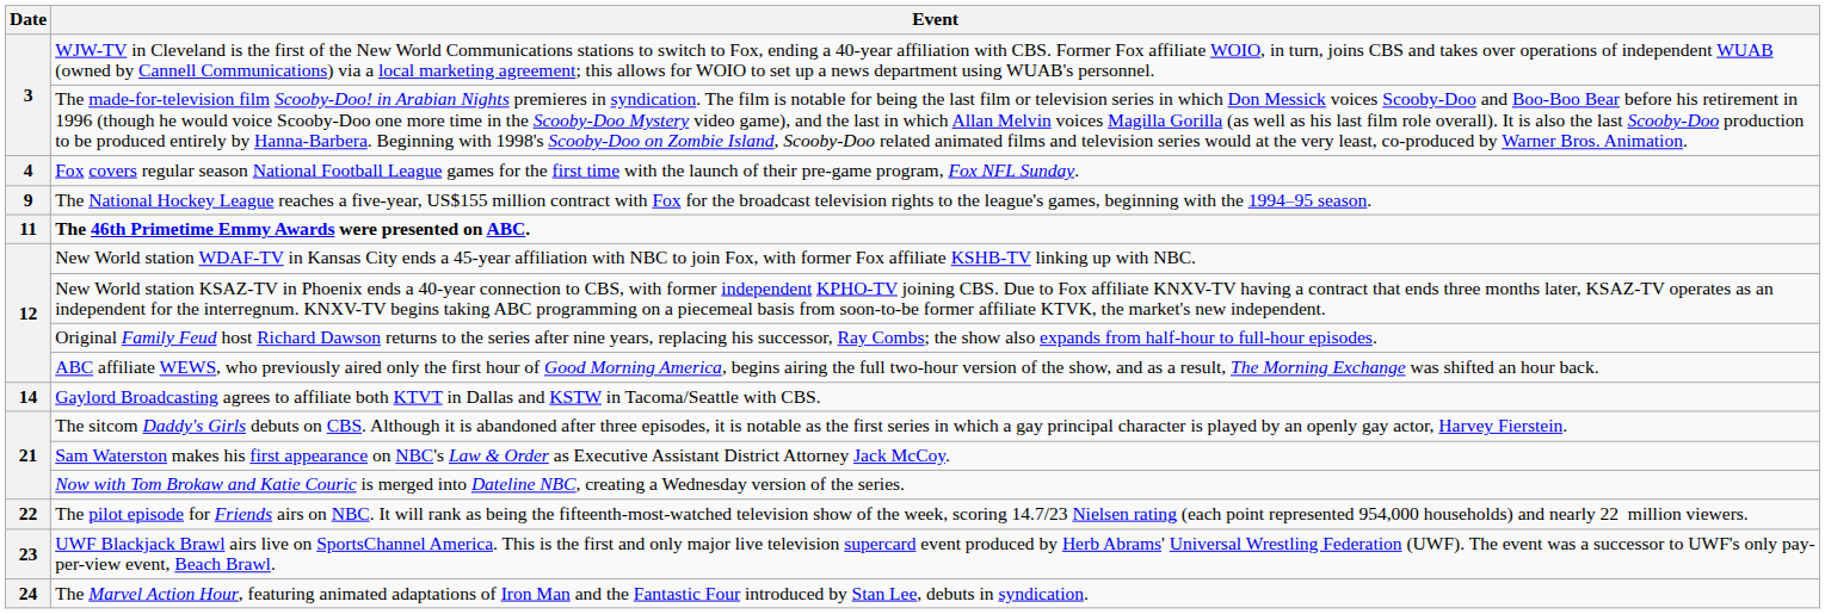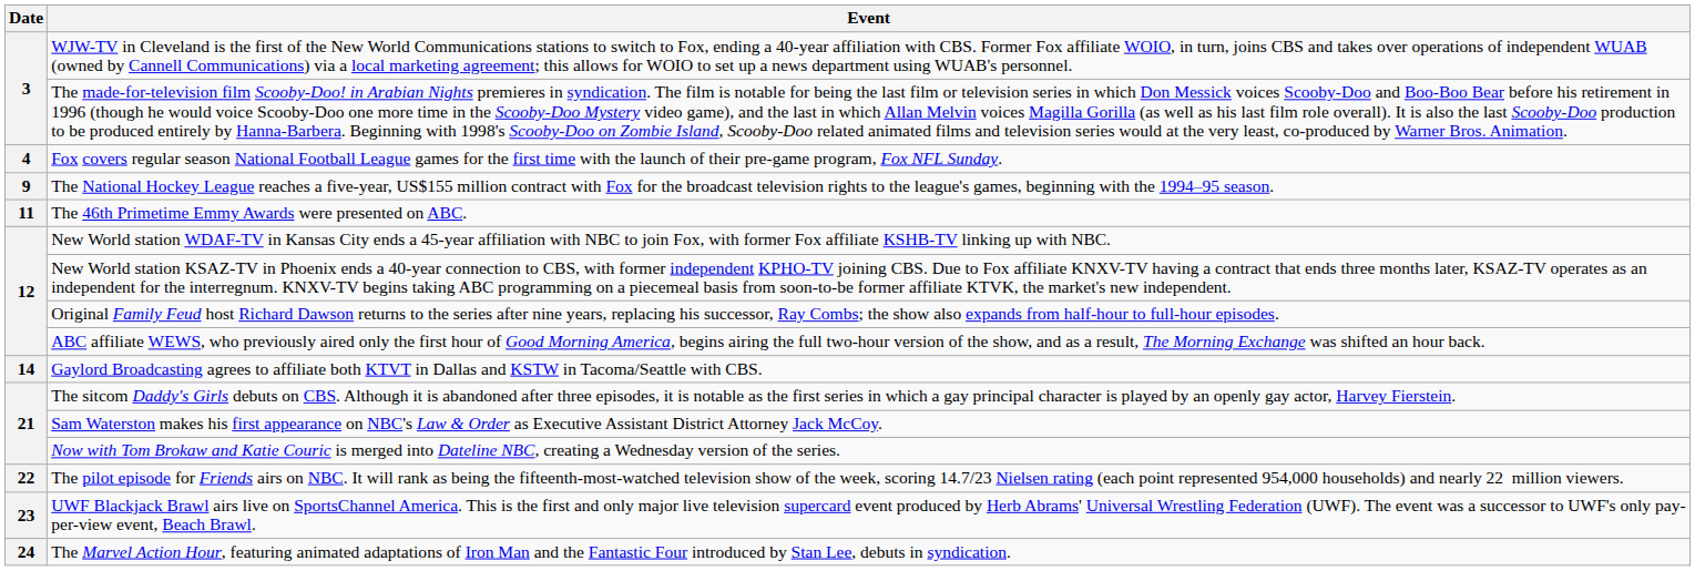 <table class="wikitable">
 <tr>
 <th>Date</th>
 <th>Event</th>
 </tr>
 <tr>
 <th rowspan="2">3</th>
 <td><a href='#'>WJW-TV</a> in Cleveland is the first of the New World Communications stations to switch to Fox, ending a 40-year affiliation with CBS. Former Fox affiliate <a href='#'>WOIO</a>, in turn, joins CBS and takes over operations of independent <a href='#'>WUAB</a> (owned by <a href='#'>Cannell Communications</a>) via a <a href='#'>local marketing agreement</a>; this allows for WOIO to set up a news department using WUAB's personnel.</td>
 </tr>
 <tr>
 <td>The <a href='#'>made-for-television film</a> <em><a href='#'>Scooby-Doo! in Arabian Nights</a></em> premieres in <a href='#'>syndication</a>. The film is notable for being the last film or television series in which <a href='#'>Don Messick</a> voices <a href='#'>Scooby-Doo</a> and <a href='#'>Boo-Boo Bear</a> before his retirement in 1996 (though he would voice Scooby-Doo one more time in the <em><a href='#'>Scooby-Doo Mystery</a></em> video game), and the last in which <a href='#'>Allan Melvin</a> voices <a href='#'>Magilla Gorilla</a> (as well as his last film role overall). It is also the last <em><a href='#'>Scooby-Doo</a></em> production to be produced entirely by <a href='#'>Hanna-Barbera</a>. Beginning with 1998's <em><a href='#'>Scooby-Doo on Zombie Island</a></em>, <em>Scooby-Doo</em> related animated films and television series would at the very least, co-produced by <a href='#'>Warner Bros. Animation</a>.</td>
 </tr>
 <tr>
 <th>4</th>
 <td><a href='#'>Fox</a> <a href='#'>covers</a> regular season <a href='#'>National Football League</a> games for the <a href='#'>first time</a> with the launch of their pre-game program, <em><a href='#'>Fox NFL Sunday</a></em>.</td>
 </tr>
 <tr>
 <th>9</th>
 <td>The <a href='#'>National Hockey League</a> reaches a five-year, US$155 million contract with <a href='#'>Fox</a> for the broadcast television rights to the league's games, beginning with the <a href='#'>1994–95 season</a>.</td>
 </tr>
 <tr>
 <th>11</th>
-<td><strong>The <a href='#'>46th Primetime Emmy Awards</a> were presented on <a href='#'>ABC</a>.</strong></td>
+<td>The <a href='#'>46th Primetime Emmy Awards</a> were presented on <a href='#'>ABC</a>.</td>
 </tr>
 <tr>
 <th rowspan="4">12</th>
 <td>New World station <a href='#'>WDAF-TV</a> in Kansas City ends a 45-year affiliation with NBC to join Fox, with former Fox affiliate <a href='#'>KSHB-TV</a> linking up with NBC.</td>
 </tr>
 <tr>
 <td>New World station KSAZ-TV in Phoenix ends a 40-year connection to CBS, with former <a href='#'>independent</a> <a href='#'>KPHO-TV</a> joining CBS. Due to Fox affiliate KNXV-TV having a contract that ends three months later, KSAZ-TV operates as an independent for the interregnum. KNXV-TV begins taking ABC programming on a piecemeal basis from soon-to-be former affiliate KTVK, the market's new independent.</td>
 </tr>
 <tr>
 <td>Original <em><a href='#'>Family Feud</a></em> host <a href='#'>Richard Dawson</a> returns to the series after nine years, replacing his successor, <a href='#'>Ray Combs</a>; the show also <a href='#'>expands from half-hour to full-hour episodes</a>.</td>
 </tr>
 <tr>
 <td><a href='#'>ABC</a> affiliate <a href='#'>WEWS</a>, who previously aired only the first hour of <em><a href='#'>Good Morning America</a></em>, begins airing the full two-hour version of the show, and as a result, <em><a href='#'>The Morning Exchange</a></em> was shifted an hour back.</td>
 </tr>
 <tr>
 <th>14</th>
 <td><a href='#'>Gaylord Broadcasting</a> agrees to affiliate both <a href='#'>KTVT</a> in Dallas and <a href='#'>KSTW</a> in Tacoma/Seattle with CBS.</td>
 </tr>
 <tr>
 <th rowspan="3">21</th>
 <td>The sitcom <em><a href='#'>Daddy's Girls</a></em> debuts on <a href='#'>CBS</a>. Although it is abandoned after three episodes, it is notable as the first series in which a gay principal character is played by an openly gay actor, <a href='#'>Harvey Fierstein</a>.</td>
 </tr>
 <tr>
 <td><a href='#'>Sam Waterston</a> makes his <a href='#'>first appearance</a> on <a href='#'>NBC</a>'s <em><a href='#'>Law & Order</a></em> as Executive Assistant District Attorney <a href='#'>Jack McCoy</a>.</td>
 </tr>
 <tr>
 <td><em><a href='#'>Now with Tom Brokaw and Katie Couric</a></em> is merged into <em><a href='#'>Dateline NBC</a></em>, creating a Wednesday version of the series.</td>
 </tr>
 <tr>
 <th>22</th>
 <td>The <a href='#'>pilot episode</a> for <em><a href='#'>Friends</a></em> airs on <a href='#'>NBC</a>. It will rank as being the fifteenth-most-watched television show of the week, scoring 14.7/23 <a href='#'>Nielsen rating</a> (each point represented 954,000 households) and nearly 22  million viewers.</td>
 </tr>
 <tr>
 <th>23</th>
 <td><a href='#'>UWF Blackjack Brawl</a> airs live on <a href='#'>SportsChannel America</a>. This is the first and only major live television <a href='#'>supercard</a> event produced by <a href='#'>Herb Abrams</a>' <a href='#'>Universal Wrestling Federation</a> (UWF). The event was a successor to UWF's only pay-per-view event, <a href='#'>Beach Brawl</a>.</td>
 </tr>
 <tr>
 <th>24</th>
 <td>The <em><a href='#'>Marvel Action Hour</a></em>, featuring animated adaptations of <a href='#'>Iron Man</a> and the <a href='#'>Fantastic Four</a> introduced by <a href='#'>Stan Lee</a>, debuts in <a href='#'>syndication</a>.</td>
 </tr>
 </table>
